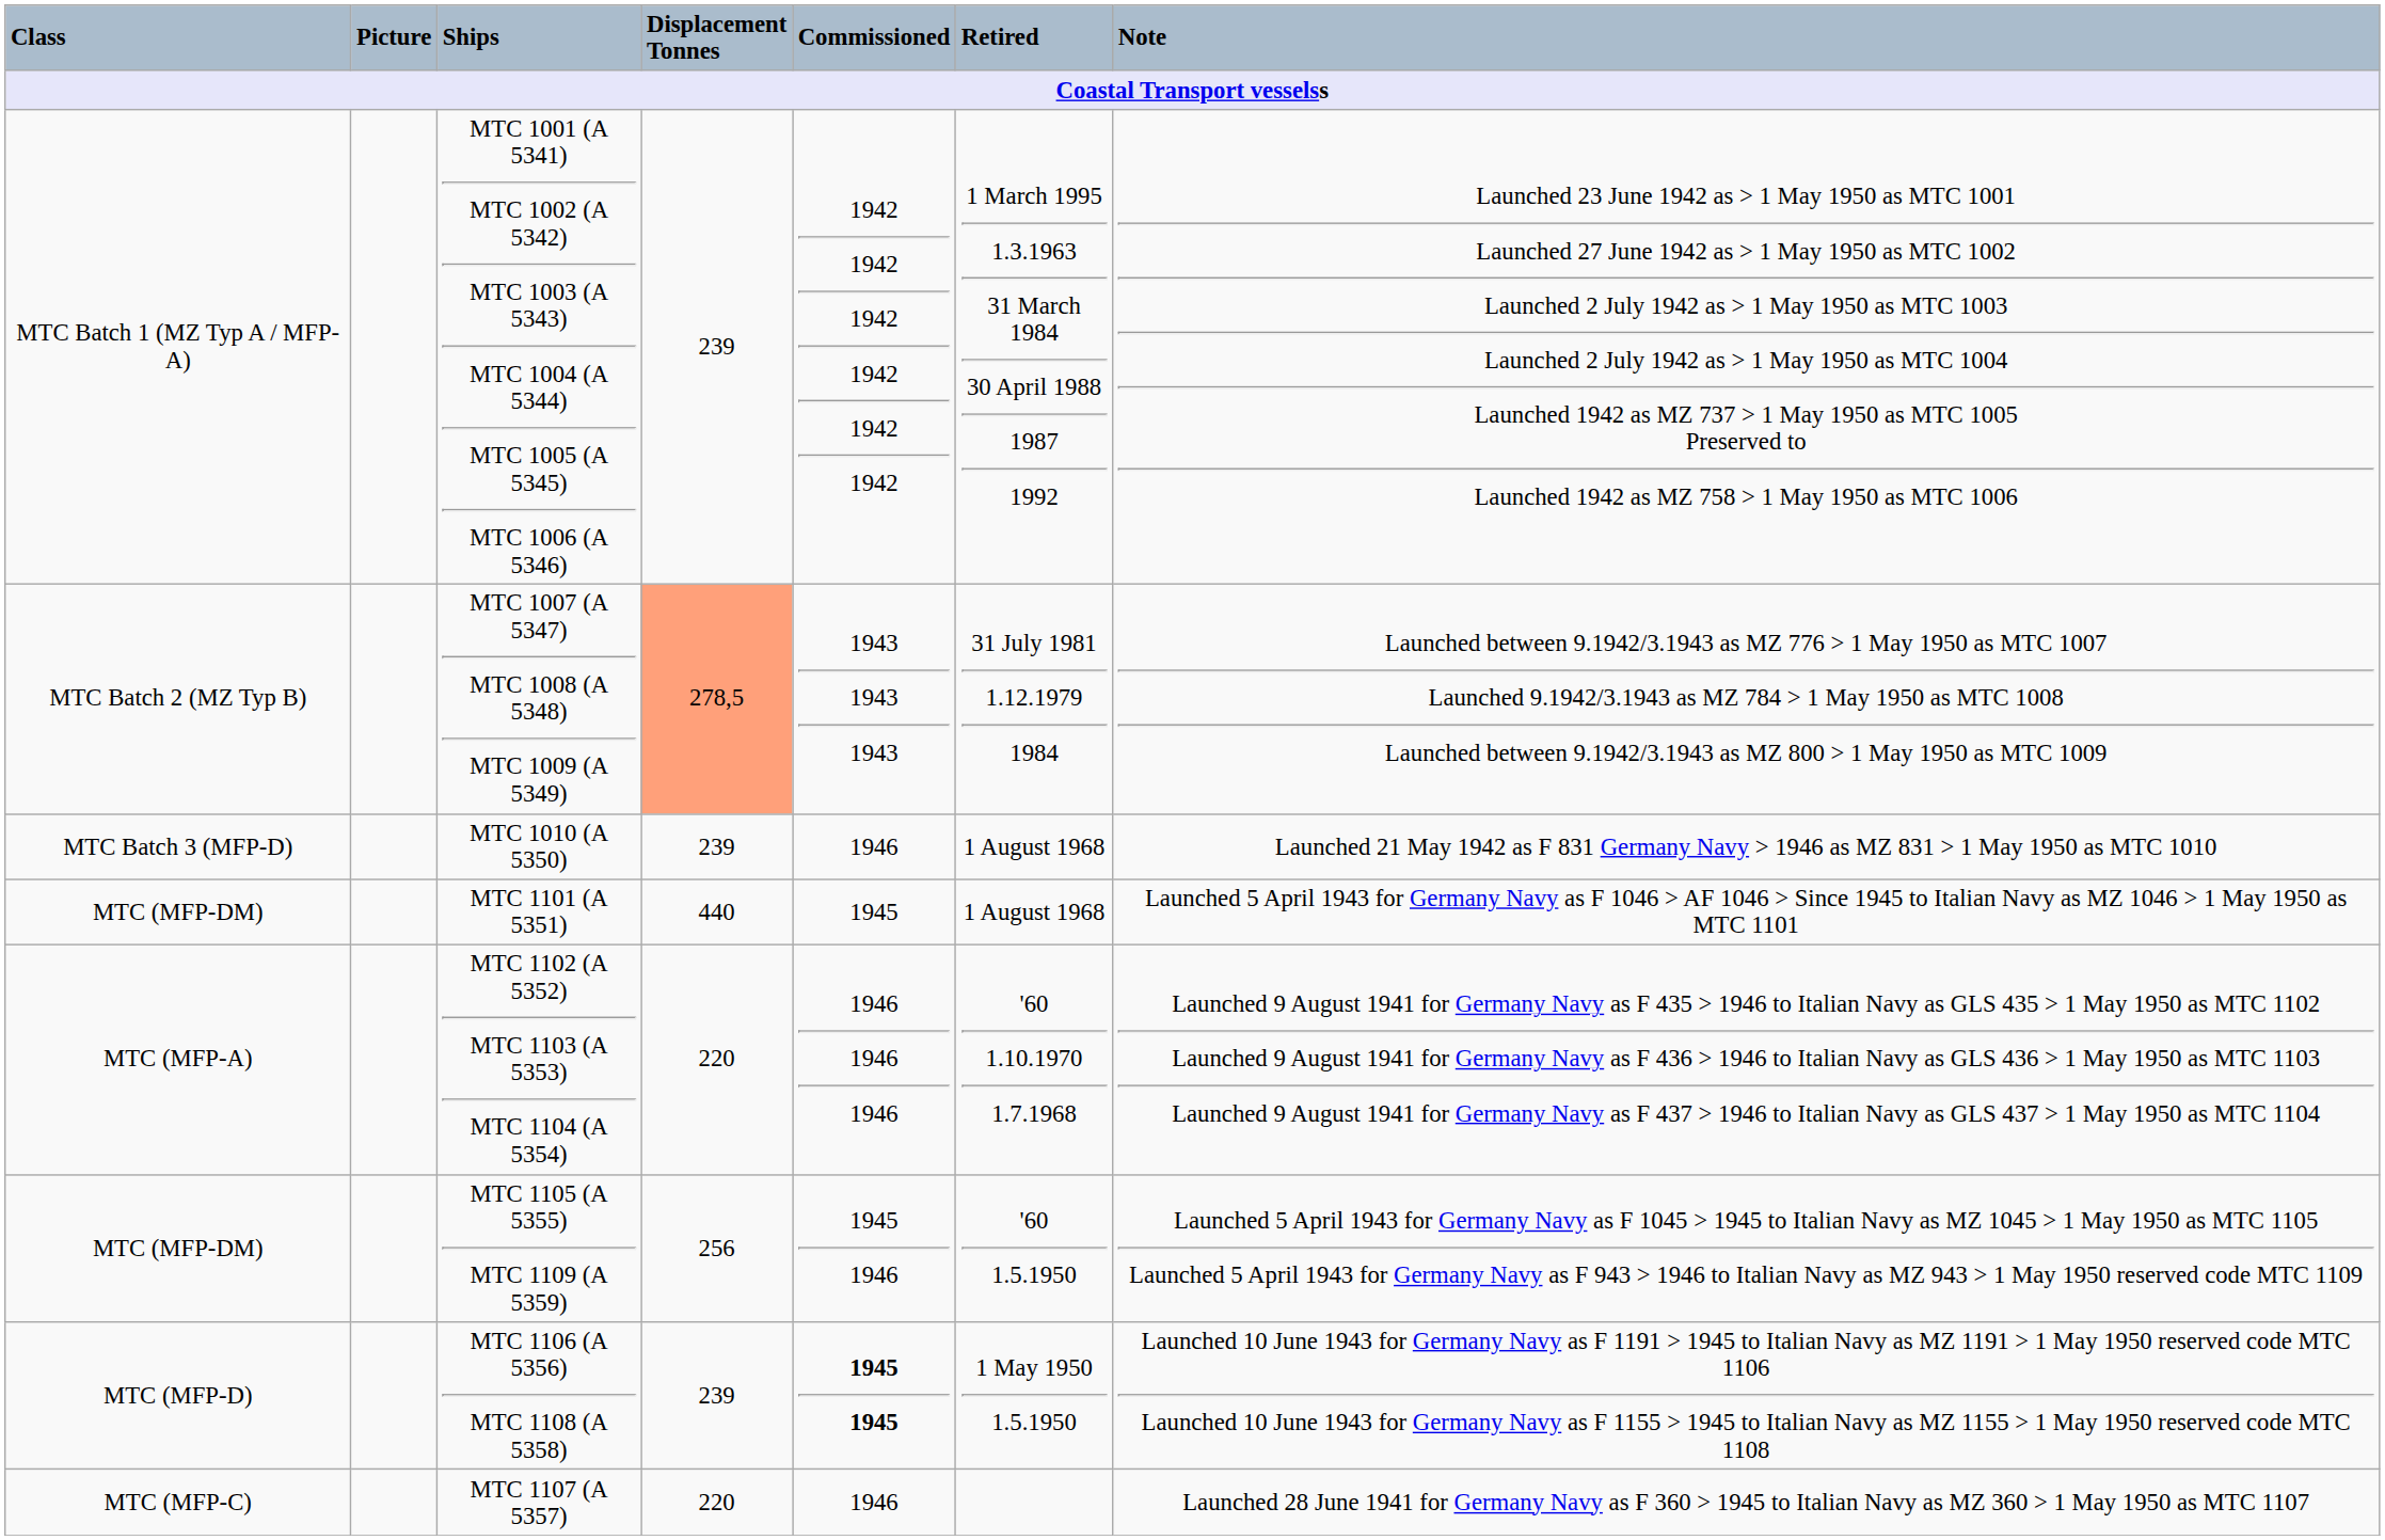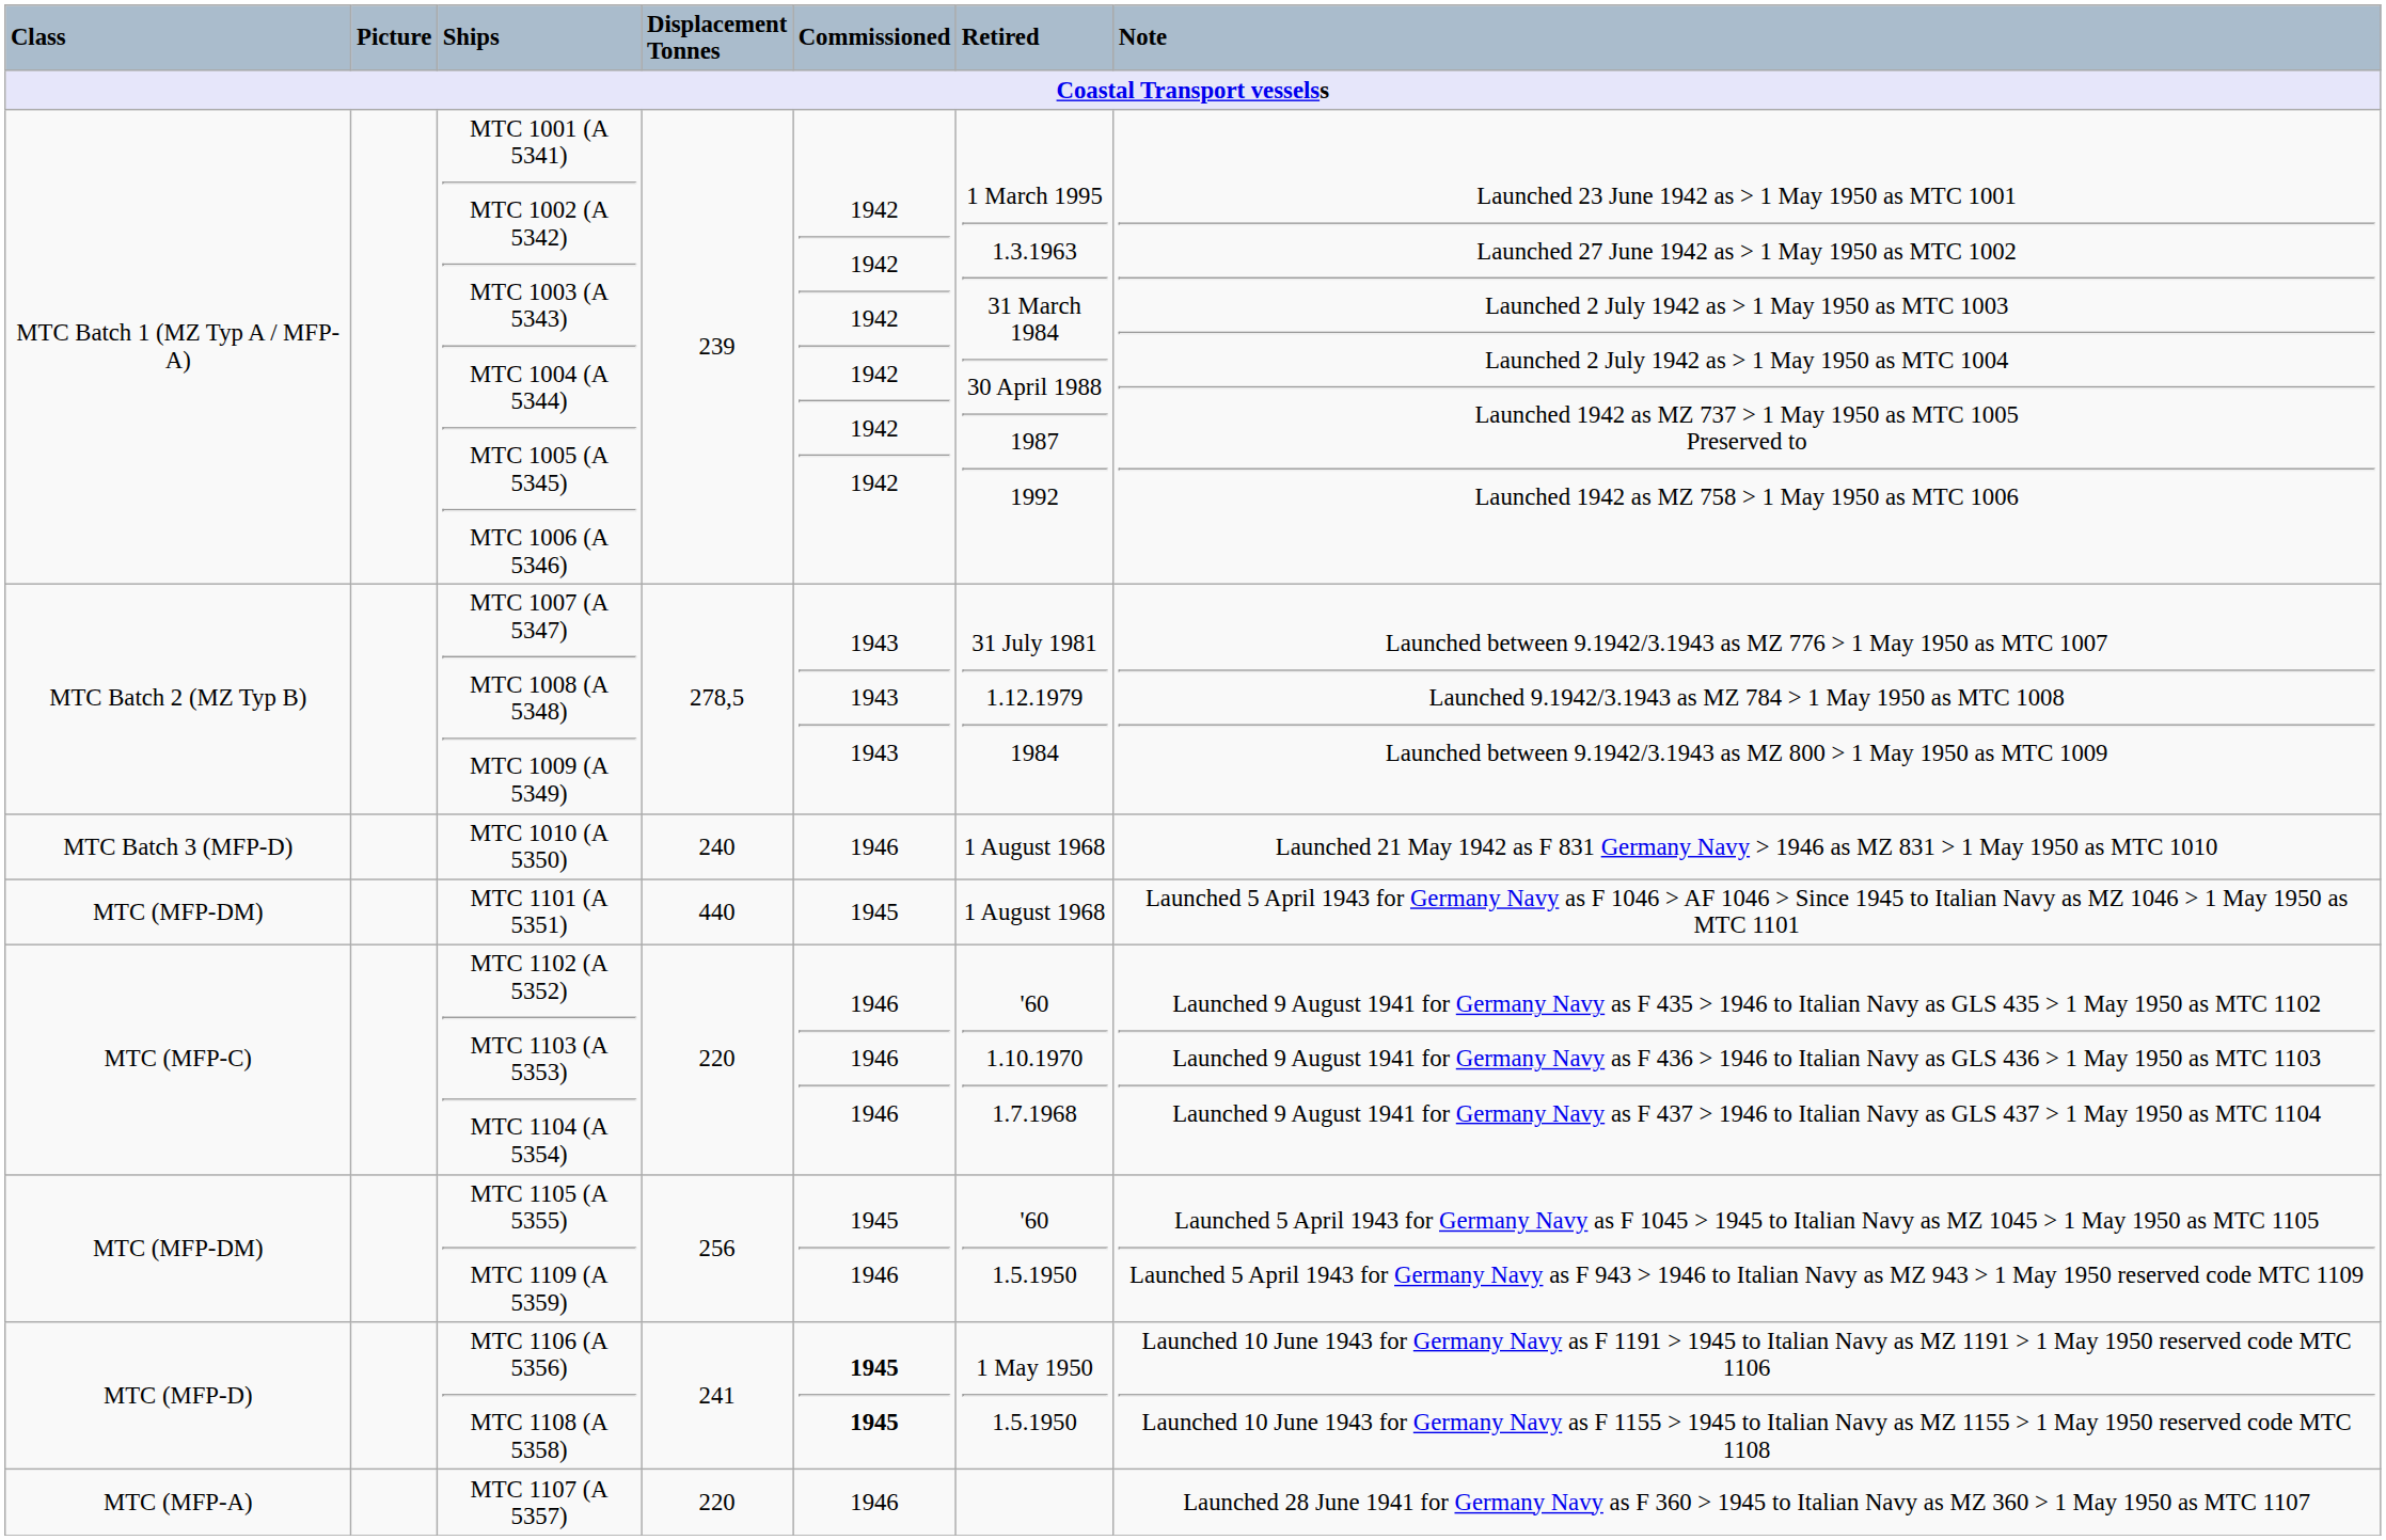 <table class="wikitable" style="text-align:center;">
 <tr>
 <th style="text-align: left; background: #aabccc;">Class</th>
 <th style="text-align: left; background: #aabccc;">Picture</th>
 <th style="text-align: left; background: #aabccc;">Ships</th>
 <th style="text-align: left; background: #aabccc;">Displacement<br>Tonnes</th>
 <th style="text-align: left; background: #aabccc;">Commissioned</th>
 <th style="text-align: left; background: #aabccc;">Retired</th>
 <th style="text-align: left; background: #aabccc;">Note</th>
 </tr>
 <tr>
 <th style="align: center; background: lavender;" colspan="9"><strong><a href='#'>Coastal Transport vessels</a>s</strong></th>
 </tr>
 <tr>
 <td>MTC Batch 1 (MZ Typ A / MFP-A)<br></td>
 <td></td>
 <td>MTC 1001 (A 5341) <hr>MTC 1002 (A 5342)<hr>MTC 1003 (A 5343)  <hr>MTC 1004 (A 5344)<hr>MTC 1005 (A 5345)<hr>MTC 1006 (A 5346) </td>
 <td>239</td>
 <td>1942<hr>1942<hr>1942<hr>1942<hr>1942<hr>1942</td>
 <td>1 March 1995<hr>1.3.1963<hr>31 March 1984<hr>30 April 1988<hr>1987<hr>1992</td>
 <td>Launched 23 June 1942 as  > 1 May 1950 as MTC 1001<hr>Launched 27 June 1942 as  > 1 May 1950 as MTC 1002<hr>Launched 2 July 1942 as  > 1 May 1950 as MTC 1003<hr>Launched 2 July 1942 as  > 1 May 1950 as MTC 1004<hr>Launched 1942 as MZ 737 > 1 May 1950 as MTC 1005<br>Preserved to <hr>Launched 1942 as MZ 758 > 1 May 1950 as MTC 1006</td>
 </tr>
 <tr>
 <td>MTC Batch 2 (MZ Typ B)<br></td>
 <td></td>
 <td>MTC 1007 (A 5347) <hr>MTC 1008 (A 5348) <hr>MTC 1009 (A 5349)  </td>
-<td style="background: lightsalmon;">278,5</td>
+<td>278,5</td>
 <td>1943<hr>1943<hr>1943</td>
 <td>31 July 1981<hr>1.12.1979<hr>1984</td>
 <td>Launched between 9.1942/3.1943 as MZ 776 > 1 May 1950 as MTC 1007<hr>Launched 9.1942/3.1943 as MZ 784 > 1 May 1950 as MTC 1008<hr>Launched between 9.1942/3.1943 as MZ 800 > 1 May 1950 as MTC 1009</td>
 </tr>
 <tr>
 <td>MTC Batch 3 (MFP-D)<br></td>
 <td></td>
 <td>MTC 1010 (A 5350) </td>
-<td>239</td>
+<td>240</td>
 <td>1946</td>
 <td>1 August 1968</td>
 <td>Launched 21 May 1942 as F 831 <a href='#'>Germany Navy</a> > 1946 as MZ 831 > 1 May 1950 as MTC 1010</td>
 </tr>
 <tr>
 <td>MTC (MFP-DM)<br></td>
 <td></td>
 <td>MTC 1101 (A 5351) </td>
 <td>440</td>
 <td>1945</td>
 <td>1 August 1968</td>
 <td>Launched 5 April 1943 for <a href='#'>Germany Navy</a> as F 1046 > AF 1046 > Since 1945 to Italian Navy as MZ 1046 > 1 May 1950 as MTC 1101</td>
 </tr>
 <tr>
-<td>MTC (MFP-A)<br></td>
+<td>MTC (MFP-C)<br></td>
 <td></td>
 <td>MTC 1102 (A 5352)<hr>MTC 1103 (A 5353) <hr>MTC 1104 (A 5354) </td>
 <td>220</td>
 <td>1946<hr>1946<hr>1946</td>
 <td>'60<hr>1.10.1970<hr>1.7.1968</td>
 <td>Launched 9 August 1941 for <a href='#'>Germany Navy</a> as F 435 > 1946 to Italian Navy as GLS 435 > 1 May 1950 as MTC 1102<hr>Launched 9 August 1941 for <a href='#'>Germany Navy</a> as F 436 > 1946 to Italian Navy as GLS 436 > 1 May 1950 as MTC 1103<hr>Launched 9 August 1941 for <a href='#'>Germany Navy</a> as F 437 > 1946 to Italian Navy as GLS 437 > 1 May 1950 as MTC 1104</td>
 </tr>
 <tr>
 <td>MTC (MFP-DM)<br></td>
 <td></td>
 <td>MTC 1105 (A 5355)<hr>MTC 1109 (A 5359)</td>
 <td>256</td>
 <td>1945<hr>1946</td>
 <td>'60<hr>1.5.1950</td>
 <td>Launched 5 April 1943 for <a href='#'>Germany Navy</a> as F 1045 > 1945 to Italian Navy as MZ 1045 > 1 May 1950 as MTC 1105<hr>Launched 5 April 1943 for <a href='#'>Germany Navy</a> as F 943 > 1946 to Italian Navy as MZ 943 > 1 May 1950 reserved code MTC 1109</td>
 </tr>
 <tr>
 <td>MTC (MFP-D)<br></td>
 <td></td>
 <td>MTC 1106 (A 5356)<hr>MTC 1108 (A 5358)</td>
-<td>239</td>
+<td>241</td>
 <td><strong>1945<hr>1945</strong></td>
 <td>1 May 1950<hr>1.5.1950</td>
 <td>Launched 10 June 1943 for <a href='#'>Germany Navy</a> as F 1191 > 1945 to Italian Navy as MZ 1191 > 1 May 1950 reserved code MTC 1106<hr>Launched 10 June 1943 for <a href='#'>Germany Navy</a> as F 1155 > 1945 to Italian Navy as MZ 1155 > 1 May 1950 reserved code MTC 1108</td>
 </tr>
 <tr>
-<td>MTC (MFP-C)<br></td>
+<td>MTC (MFP-A)<br></td>
 <td></td>
 <td>MTC 1107 (A 5357)</td>
 <td>220</td>
 <td>1946</td>
 <td></td>
 <td>Launched 28 June 1941 for <a href='#'>Germany Navy</a> as F 360 > 1945 to Italian Navy as MZ 360 > 1 May 1950 as MTC 1107</td>
 </tr>
 </table>
